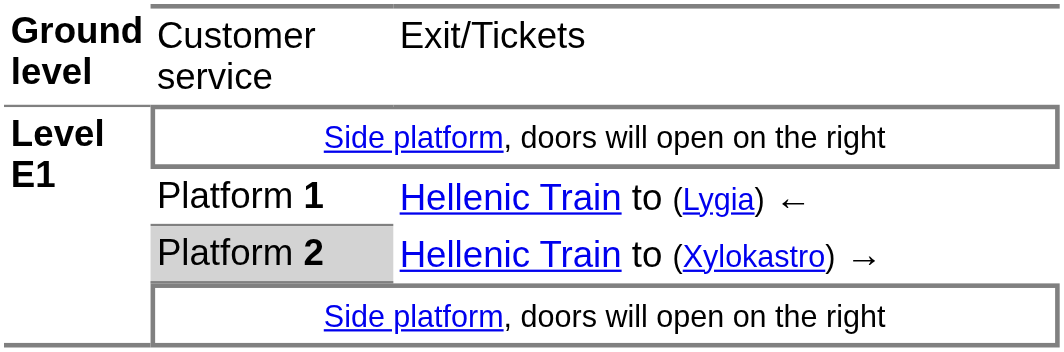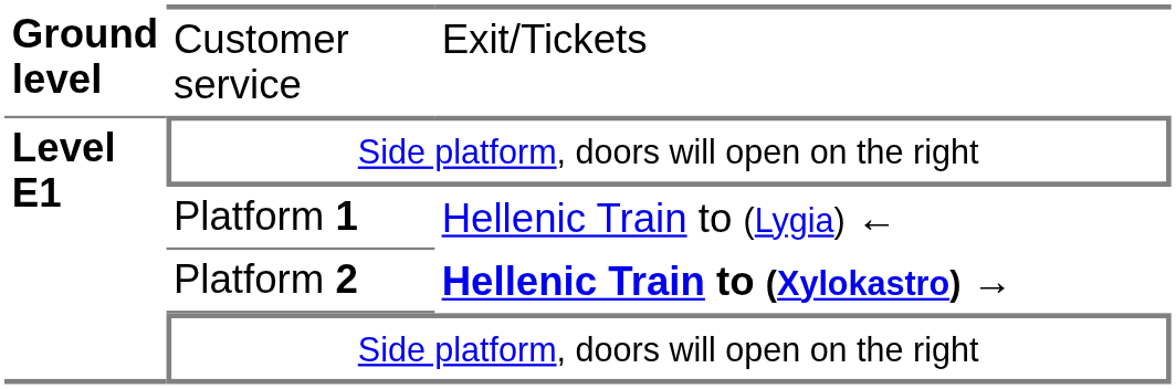 <table table border=0 cellspacing=0 cellpadding=3>
 <tr>
 <td style="border-bottom:solid 1px gray;" width=50 valign=top><strong>Ground level</strong></td>
 <td style="border-top:solid 2px gray;border-bottom:solid 1px gray;" width=100 valign=top>Customer service</td>
 <td style="border-top:solid 2px gray;border-bottom:solid 1px gray;" width=285 valign=top>Exit/Tickets</td>
 </tr>
 <tr>
 <td style="border-bottom:solid 2px gray;" rowspan=5 valign=top><strong>Level<br>Ε1</strong></td>
 <td style="border-top:solid 1px gray;border-right:solid 2px gray;border-left:solid 2px gray;border-bottom:solid 2px gray;text-align:center;" colspan=2><small><a href='#'>Side platform</a>, doors will open on the right</small></td>
 </tr>
 <tr>
 <td style="border-bottom:solid 1px gray;">Platform <strong>1</strong></td>
 <td><a href='#'>Hellenic Train</a> to  <small>(<a href='#'>Lygia</a>)</small> ←</td>
 </tr>
 <tr>
-<td style="background: lightgrey; border-bottom:solid 1px gray;">Platform <strong>2</strong></td>
-<td><a href='#'>Hellenic Train</a> to  <small>(<a href='#'>Xylokastro</a>)</small> →</td>
+<td style="border-bottom:solid 1px gray;">Platform <strong>2</strong></td>
+<td><strong><a href='#'>Hellenic Train</a> to  <small>(<a href='#'>Xylokastro</a>)</small> →</strong></td>
 </tr>
 <tr>
 <td style="border-top:solid 2px gray;border-right:solid 2px gray;border-left:solid 2px gray;border-bottom:solid 2px gray;text-align:center;" colspan=2><small><a href='#'>Side platform</a>, doors will open on the right</small></td>
 </tr>
 </table>
